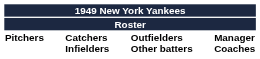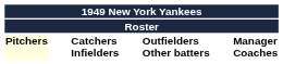 <table class="toccolours" style="font-size: 95%;">
 <tr>
 <th colspan="10" style="background-color: #1c2841; color: white; text-align: center;">1949 New York Yankees</th>
 </tr>
 <tr>
 <td colspan="10" style="background-color: #1c2841; color: white; text-align: center;"><strong>Roster</strong></td>
 </tr>
 <tr>
-<td valign="top"><strong>Pitchers</strong><br>             </td>
+<td valign="top" style="background: lightyellow;"><strong>Pitchers</strong><br>             </td>
 <td width="25px"></td>
 <td valign="top"><strong>Catchers</strong><br>    <strong>Infielders</strong>          </td>
 <td width="25px"></td>
 <td valign="top"><strong>Outfielders</strong><br>        <strong>Other batters</strong> </td>
 <td width="25px"></td>
 <td valign="top"><strong>Manager</strong><br> <strong>Coaches</strong>   </td>
 </tr>
 </table>
